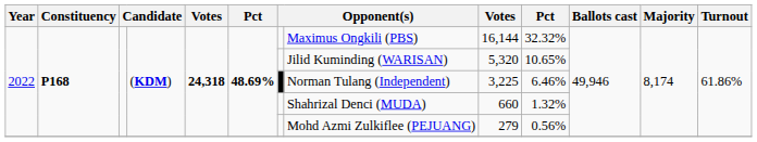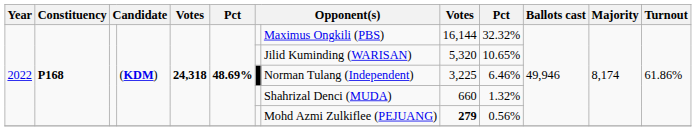 <table class="wikitable" style="margin:0.5em ; font-size:95%">
 <tr>
 <th>Year</th>
 <th>Constituency</th>
 <th colspan=2>Candidate</th>
 <th>Votes</th>
 <th>Pct</th>
 <th colspan=2>Opponent(s)</th>
 <th>Votes</th>
 <th>Pct</th>
 <th>Ballots cast</th>
 <th>Majority</th>
 <th>Turnout</th>
 </tr>
 <tr>
 <td rowspan="5"><a href='#'>2022</a></td>
 <td rowspan="5"><strong>P168 </strong></td>
 <td rowspan="5"></td>
 <td rowspan="5"> (<a href='#'><strong>KDM</strong></a>)</td>
 <td rowspan="5" align="right"><strong>24,318</strong></td>
 <td rowspan="5"><strong>48.69%</strong></td>
 <td></td>
 <td><a href='#'>Maximus Ongkili</a> (<a href='#'>PBS</a>)</td>
 <td align="right">16,144</td>
 <td>32.32%</td>
 <td rowspan="5">49,946</td>
 <td rowspan="5">8,174</td>
 <td rowspan="5">61.86%</td>
 </tr>
 <tr>
 <td></td>
 <td>Jilid Kuminding (<a href='#'>WARISAN</a>)</td>
 <td align="right">5,320</td>
 <td>10.65%</td>
 </tr>
 <tr>
 <td bgcolor="black"></td>
 <td>Norman Tulang (<a href='#'>Independent</a>)</td>
 <td align="right">3,225</td>
 <td align="right">6.46%</td>
 </tr>
 <tr>
 <td></td>
 <td>Shahrizal Denci (<a href='#'>MUDA</a>)</td>
 <td align="right">660</td>
 <td align="right">1.32%</td>
 </tr>
 <tr>
 <td bgcolor=></td>
 <td>Mohd Azmi Zulkiflee (<a href='#'>PEJUANG</a>)</td>
-<td align="right">279</td>
+<td align="right"><strong>279</strong></td>
 <td align="right">0.56%</td>
 </tr>
 <tr>
 </tr>
 </table>
